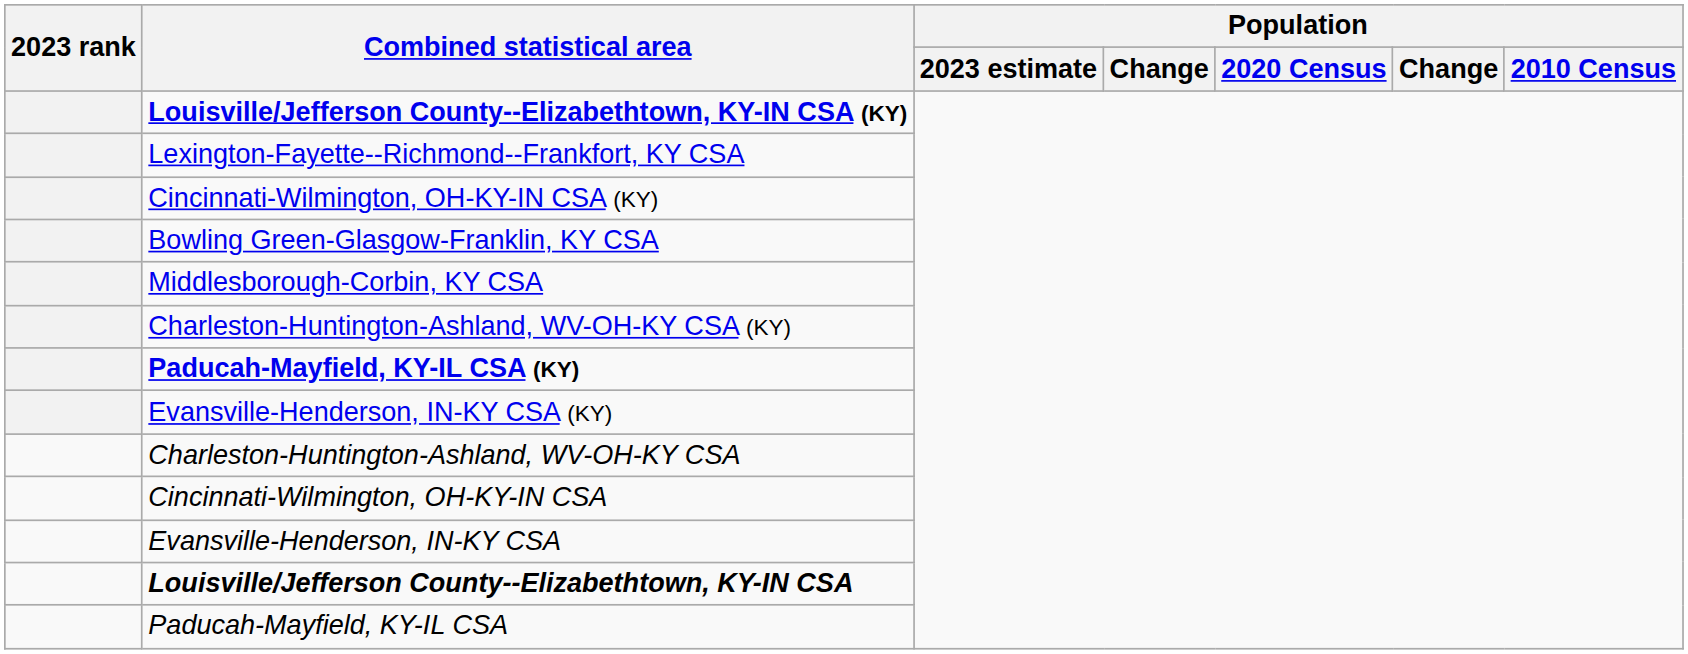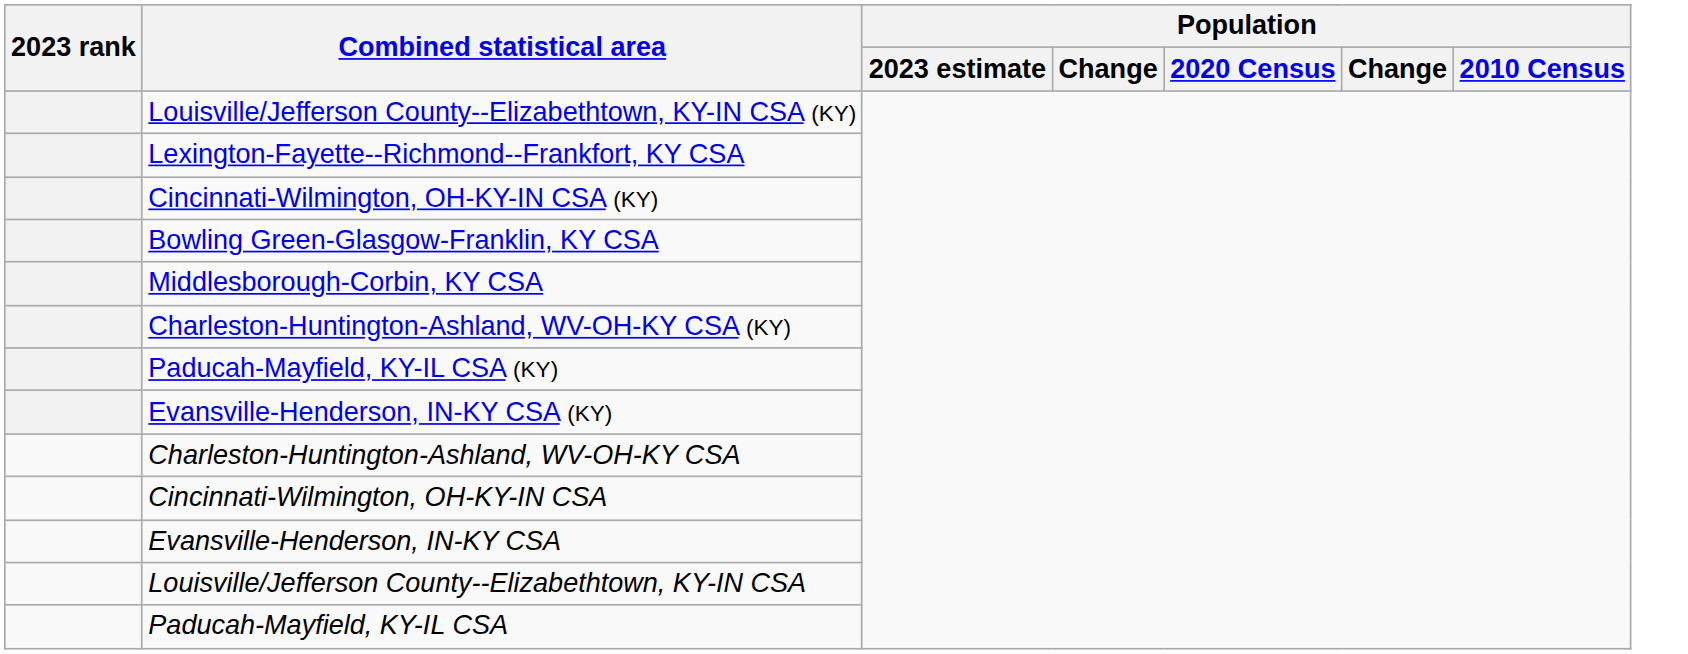 <table class="wikitable sortable">
 <tr>
 <th scope=col rowspan=2>2023 rank</th>
 <th scope=col rowspan=2><a href='#'>Combined statistical area</a></th>
 <th colspan=5>Population</th>
 </tr>
 <tr>
 <th scope=col>2023 estimate</th>
 <th scope=col>Change</th>
 <th scope=col><a href='#'>2020 Census</a></th>
 <th scope=col>Change</th>
 <th scope=col><a href='#'>2010 Census</a></th>
 </tr>
 <tr>
 <th scope=row></th>
-<td><strong><a href='#'>Louisville/Jefferson County--Elizabethtown, KY-IN CSA</a> <small>(KY)</small><br></strong></td>
+<td><a href='#'>Louisville/Jefferson County--Elizabethtown, KY-IN CSA</a> <small>(KY)</small><br></td>
 </tr>
 <tr>
 <th scope=row></th>
 <td><a href='#'>Lexington-Fayette--Richmond--Frankfort, KY CSA</a><br></td>
 </tr>
 <tr>
 <th scope=row></th>
 <td><a href='#'>Cincinnati-Wilmington, OH-KY-IN CSA</a> <small>(KY)</small><br></td>
 </tr>
 <tr>
 <th scope=row></th>
 <td><a href='#'>Bowling Green-Glasgow-Franklin, KY CSA</a><br></td>
 </tr>
 <tr>
 <th scope=row></th>
 <td><a href='#'>Middlesborough-Corbin, KY CSA</a><br></td>
 </tr>
 <tr>
 <th scope=row></th>
 <td><a href='#'>Charleston-Huntington-Ashland, WV-OH-KY CSA</a> <small>(KY)</small><br></td>
 </tr>
 <tr>
 <th scope=row></th>
-<td><strong><a href='#'>Paducah-Mayfield, KY-IL CSA</a> <small>(KY)</small><br></strong></td>
+<td><a href='#'>Paducah-Mayfield, KY-IL CSA</a> <small>(KY)</small><br></td>
 </tr>
 <tr>
 <th scope=row></th>
 <td><a href='#'>Evansville-Henderson, IN-KY CSA</a> <small>(KY)</small><br></td>
 </tr>
 <tr>
 <td></td>
 <td><em><span>Charleston-Huntington-Ashland, WV-OH-KY CSA</span></em><br></td>
 </tr>
 <tr>
 <td></td>
 <td><em><span>Cincinnati-Wilmington, OH-KY-IN CSA</span></em><br></td>
 </tr>
 <tr>
 <td></td>
 <td><em><span>Evansville-Henderson, IN-KY CSA</span></em><br></td>
 </tr>
 <tr>
 <td></td>
-<td><strong><em><span>Louisville/Jefferson County--Elizabethtown, KY-IN CSA</span></em><br></strong></td>
+<td><em><span>Louisville/Jefferson County--Elizabethtown, KY-IN CSA</span></em><br></td>
 </tr>
 <tr>
 <td></td>
 <td><em><span>Paducah-Mayfield, KY-IL CSA</span></em><br></td>
 </tr>
 </table>
